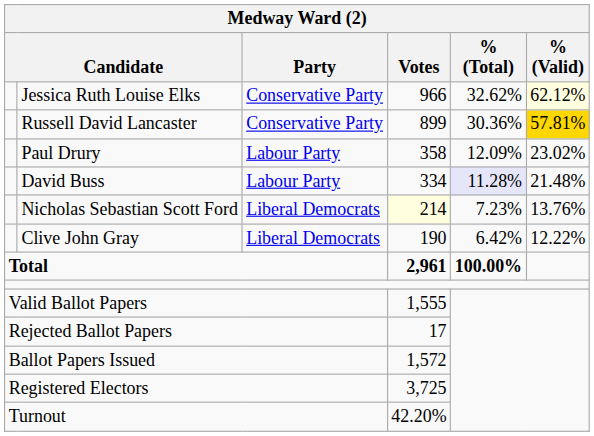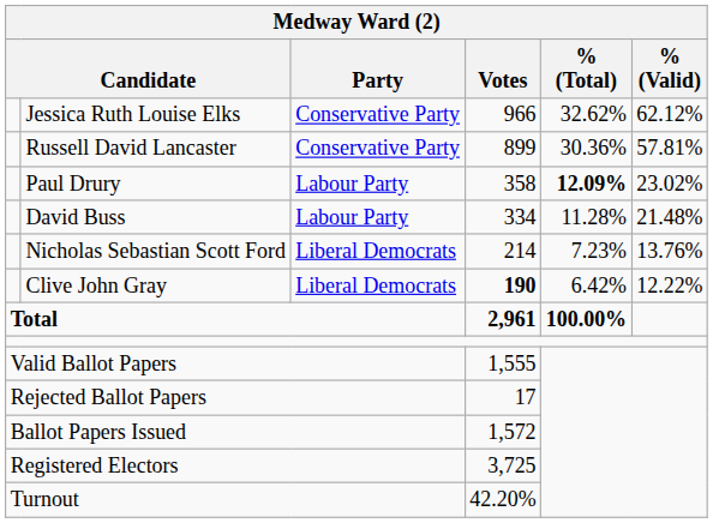 <table class="wikitable" border="1" style="text-align:right; font-size:100%">
 <tr>
 <th align=center colspan=6>Medway Ward (2)</th>
 </tr>
 <tr>
 <th valign=bottom align=left colspan=2>Candidate</th>
 <th valign=bottom align=left>Party</th>
 <th valign=bottom align=center>Votes</th>
 <th align=center>%<br>(Total)</th>
 <th align=center>%<br>(Valid)</th>
 </tr>
 <tr>
 <td bgcolor=> </td>
 <td align=left>Jessica Ruth Louise Elks</td>
 <td align=left><a href='#'>Conservative Party</a></td>
 <td>966</td>
 <td>32.62%</td>
-<td style="background: lightyellow;">62.12%</td>
+<td>62.12%</td>
 </tr>
 <tr>
 <td bgcolor=> </td>
 <td align=left>Russell David Lancaster</td>
 <td align=left><a href='#'>Conservative Party</a></td>
 <td>899</td>
 <td>30.36%</td>
-<td style="background: gold;">57.81%</td>
+<td>57.81%</td>
 </tr>
 <tr>
 <td bgcolor=> </td>
 <td align=left>Paul Drury</td>
 <td align=left><a href='#'>Labour Party</a></td>
 <td>358</td>
-<td>12.09%</td>
+<td><strong>12.09%</strong></td>
 <td>23.02%</td>
 </tr>
 <tr>
 <td bgcolor=> </td>
 <td align=left>David Buss</td>
 <td align=left><a href='#'>Labour Party</a></td>
 <td>334</td>
-<td style="background: lavender;">11.28%</td>
+<td>11.28%</td>
 <td>21.48%</td>
 </tr>
 <tr>
 <td bgcolor=> </td>
 <td align=left>Nicholas Sebastian Scott Ford</td>
 <td align=left><a href='#'>Liberal Democrats</a></td>
-<td style="background: lightyellow;">214</td>
+<td>214</td>
 <td>7.23%</td>
 <td>13.76%</td>
 </tr>
 <tr>
 <td bgcolor=> </td>
 <td align=left>Clive John Gray</td>
 <td align=left><a href='#'>Liberal Democrats</a></td>
-<td>190</td>
+<td><strong>190</strong></td>
 <td>6.42%</td>
 <td>12.22%</td>
 </tr>
 <tr>
 <td align=left colspan=3><strong>Total</strong></td>
 <td><strong>2,961</strong></td>
 <td><strong>100.00%</strong></td>
 <td></td>
 </tr>
 <tr>
 <td align=left colspan=6></td>
 </tr>
 <tr>
 <td align=left colspan=3>Valid Ballot Papers</td>
 <td>1,555</td>
 <td colspan=2 rowspan=5></td>
 </tr>
 <tr>
 <td align=left colspan=3>Rejected Ballot Papers</td>
 <td>17</td>
 </tr>
 <tr>
 <td align=left colspan=3>Ballot Papers Issued</td>
 <td>1,572</td>
 </tr>
 <tr>
 <td align=left colspan=3>Registered Electors</td>
 <td>3,725</td>
 </tr>
 <tr>
 <td align=left colspan=3>Turnout</td>
 <td>42.20%</td>
 </tr>
 </table>
